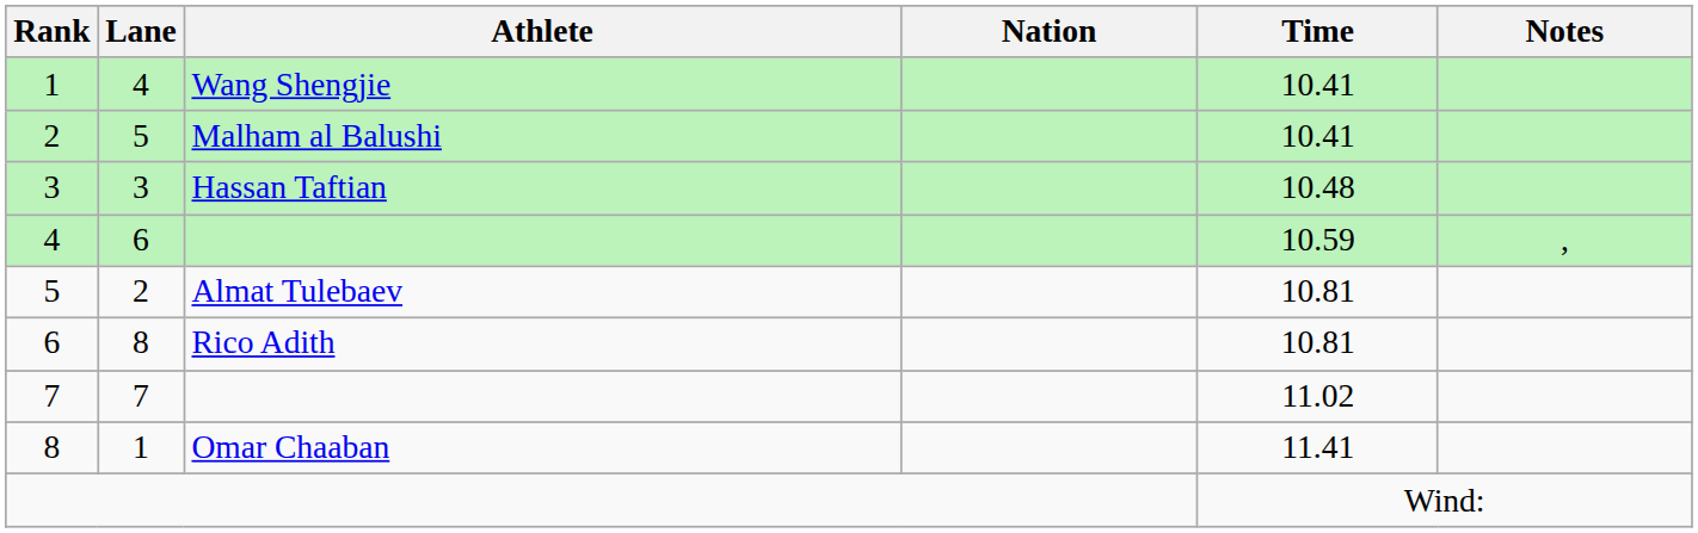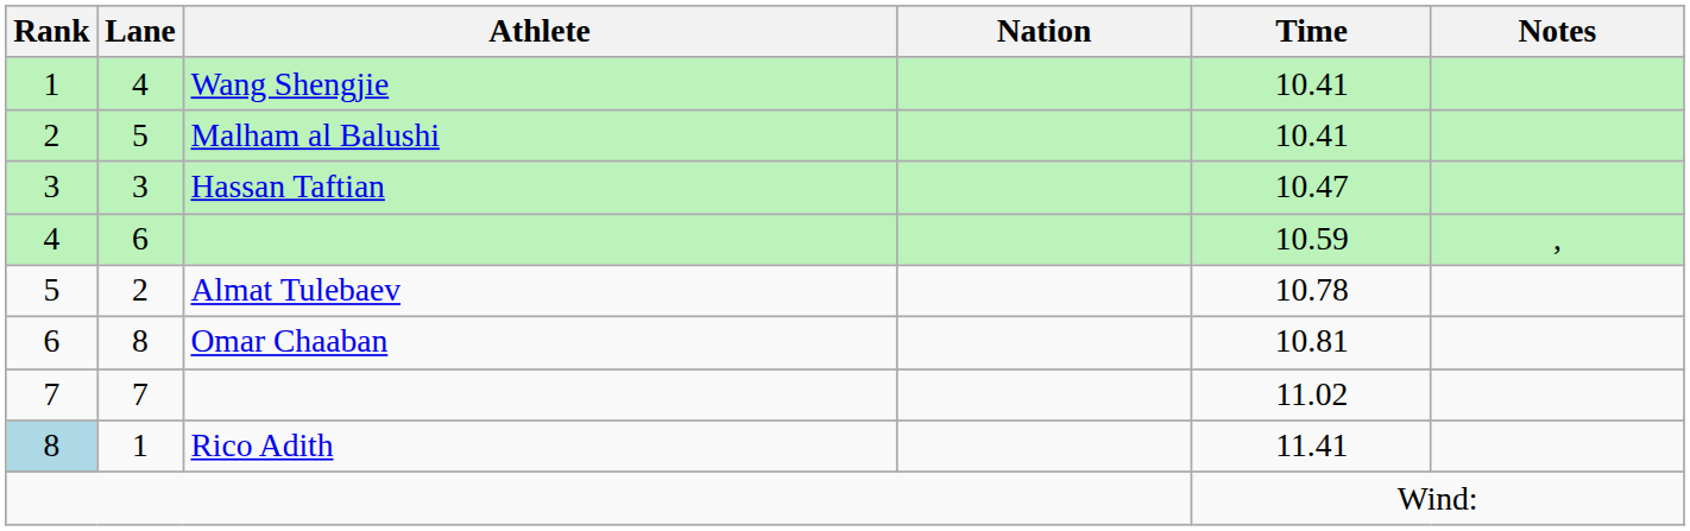 <table class="wikitable sortable" style="text-align:center;width: 65%;">
 <tr>
 <th scope="col" style="width: 10px;">Rank</th>
 <th scope="col" style="width: 10px;">Lane</th>
 <th scope="col">Athlete</th>
 <th scope="col">Nation</th>
 <th scope="col">Time</th>
 <th scope="col">Notes</th>
 </tr>
 <tr bgcolor=bbf3bb>
 <td>1</td>
 <td>4</td>
 <td align="left"><a href='#'>Wang Shengjie</a></td>
 <td align="left"></td>
 <td>10.41 </td>
 <td></td>
 </tr>
 <tr bgcolor=bbf3bb>
 <td>2</td>
 <td>5</td>
 <td align="left"><a href='#'>Malham al Balushi</a></td>
 <td align="left"></td>
 <td>10.41 </td>
 <td></td>
 </tr>
 <tr bgcolor=bbf3bb>
 <td>3</td>
 <td>3</td>
 <td align=left><a href='#'>Hassan Taftian</a></td>
 <td align=left></td>
-<td>10.48</td>
+<td>10.47</td>
 <td></td>
 </tr>
 <tr bgcolor=bbf3bb>
 <td>4</td>
 <td>6</td>
 <td align="left"></td>
 <td align="left"></td>
 <td>10.59</td>
 <td>, </td>
 </tr>
 <tr>
 <td>5</td>
 <td>2</td>
 <td align="left"><a href='#'>Almat Tulebaev</a></td>
 <td align="left"></td>
-<td>10.81 </td>
+<td>10.78 </td>
 <td></td>
 </tr>
 <tr>
 <td>6</td>
 <td>8</td>
-<td align="left"><a href='#'>Rico Adith</a></td>
+<td align="left"><a href='#'>Omar Chaaban</a></td>
 <td align="left"></td>
 <td>10.81 </td>
 <td></td>
 </tr>
 <tr>
 <td>7</td>
 <td>7</td>
 <td align=left></td>
 <td align=left></td>
 <td>11.02</td>
 <td></td>
 </tr>
 <tr>
-<td>8</td>
+<td style="background: lightblue;">8</td>
 <td>1</td>
-<td align="left"><a href='#'>Omar Chaaban</a></td>
+<td align="left"><a href='#'>Rico Adith</a></td>
 <td align="left"></td>
 <td>11.41</td>
 <td></td>
 </tr>
 <tr class="sortbottom">
 <td colspan="4"></td>
 <td colspan="2">Wind: </td>
 </tr>
 </table>
